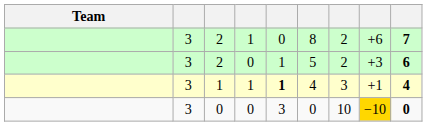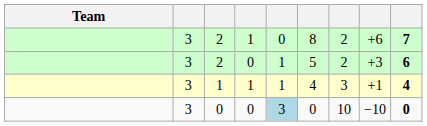 <table class="wikitable" style="text-align: center; font-size: 90%;">
 <tr>
 <th width="165">Team</th>
 <th width="25"></th>
 <th width="25"></th>
 <th width="25"></th>
 <th width="25"></th>
 <th width="25"></th>
 <th width="25"></th>
 <th width="25"></th>
 <th width="25"></th>
 </tr>
 <tr style="background:#ccffcc;">
 <td align=left></td>
 <td>3</td>
 <td>2</td>
 <td>1</td>
 <td>0</td>
 <td>8</td>
 <td>2</td>
 <td>+6</td>
 <td><strong>7</strong></td>
 </tr>
 <tr style="background:#ccffcc;">
 <td align=left></td>
 <td>3</td>
 <td>2</td>
 <td>0</td>
 <td>1</td>
 <td>5</td>
 <td>2</td>
 <td>+3</td>
 <td><strong>6</strong></td>
 </tr>
 <tr style="background:#ffffcc;">
 <td align=left></td>
 <td>3</td>
 <td>1</td>
 <td>1</td>
-<td><strong>1</strong></td>
+<td>1</td>
 <td>4</td>
 <td>3</td>
 <td>+1</td>
 <td><strong>4</strong></td>
 </tr>
 <tr>
 <td align=left></td>
 <td>3</td>
 <td>0</td>
 <td>0</td>
-<td>3</td>
+<td style="background: lightblue;">3</td>
 <td>0</td>
 <td>10</td>
-<td style="background: gold;">−10</td>
+<td>−10</td>
 <td><strong>0</strong></td>
 </tr>
 </table>
